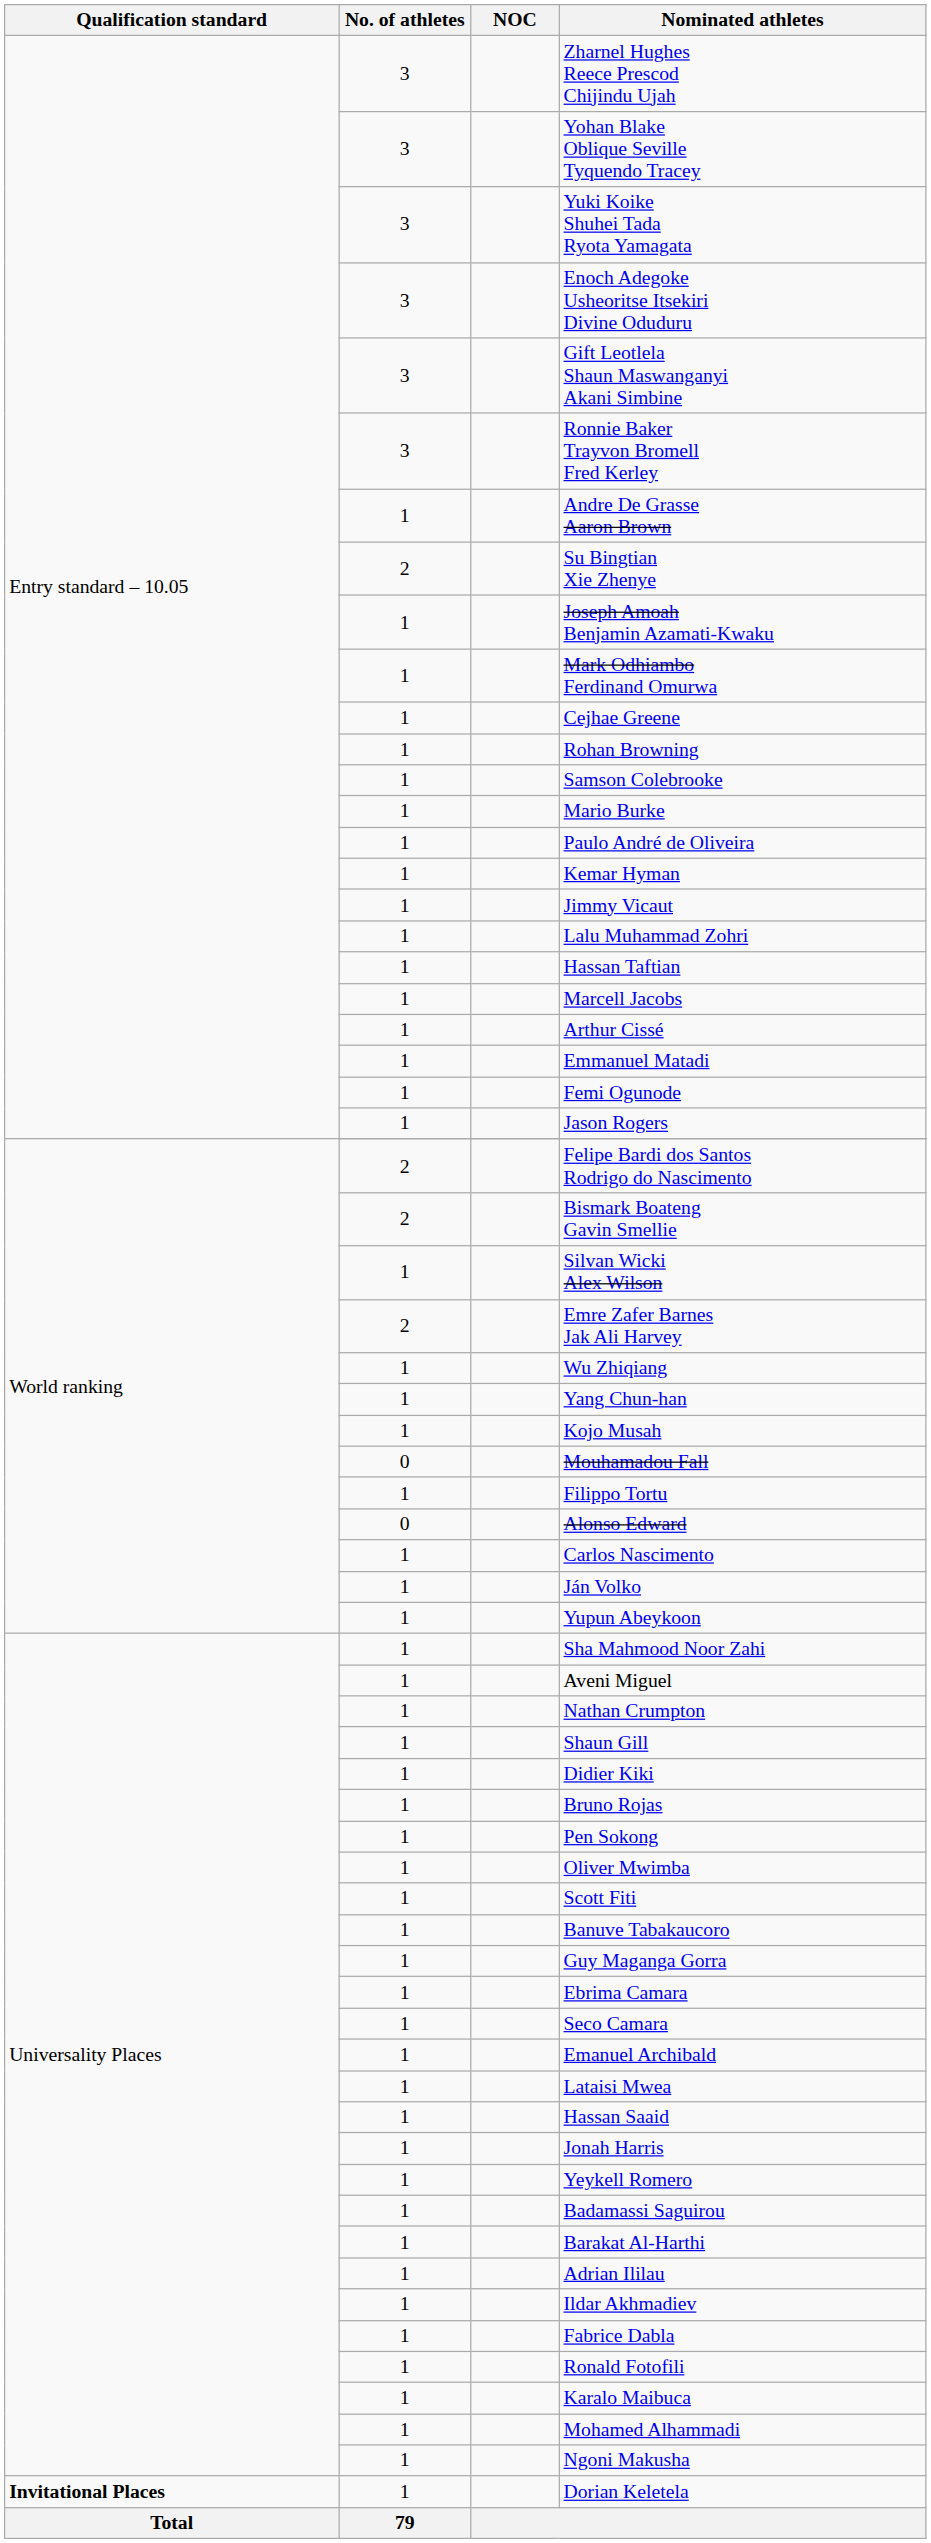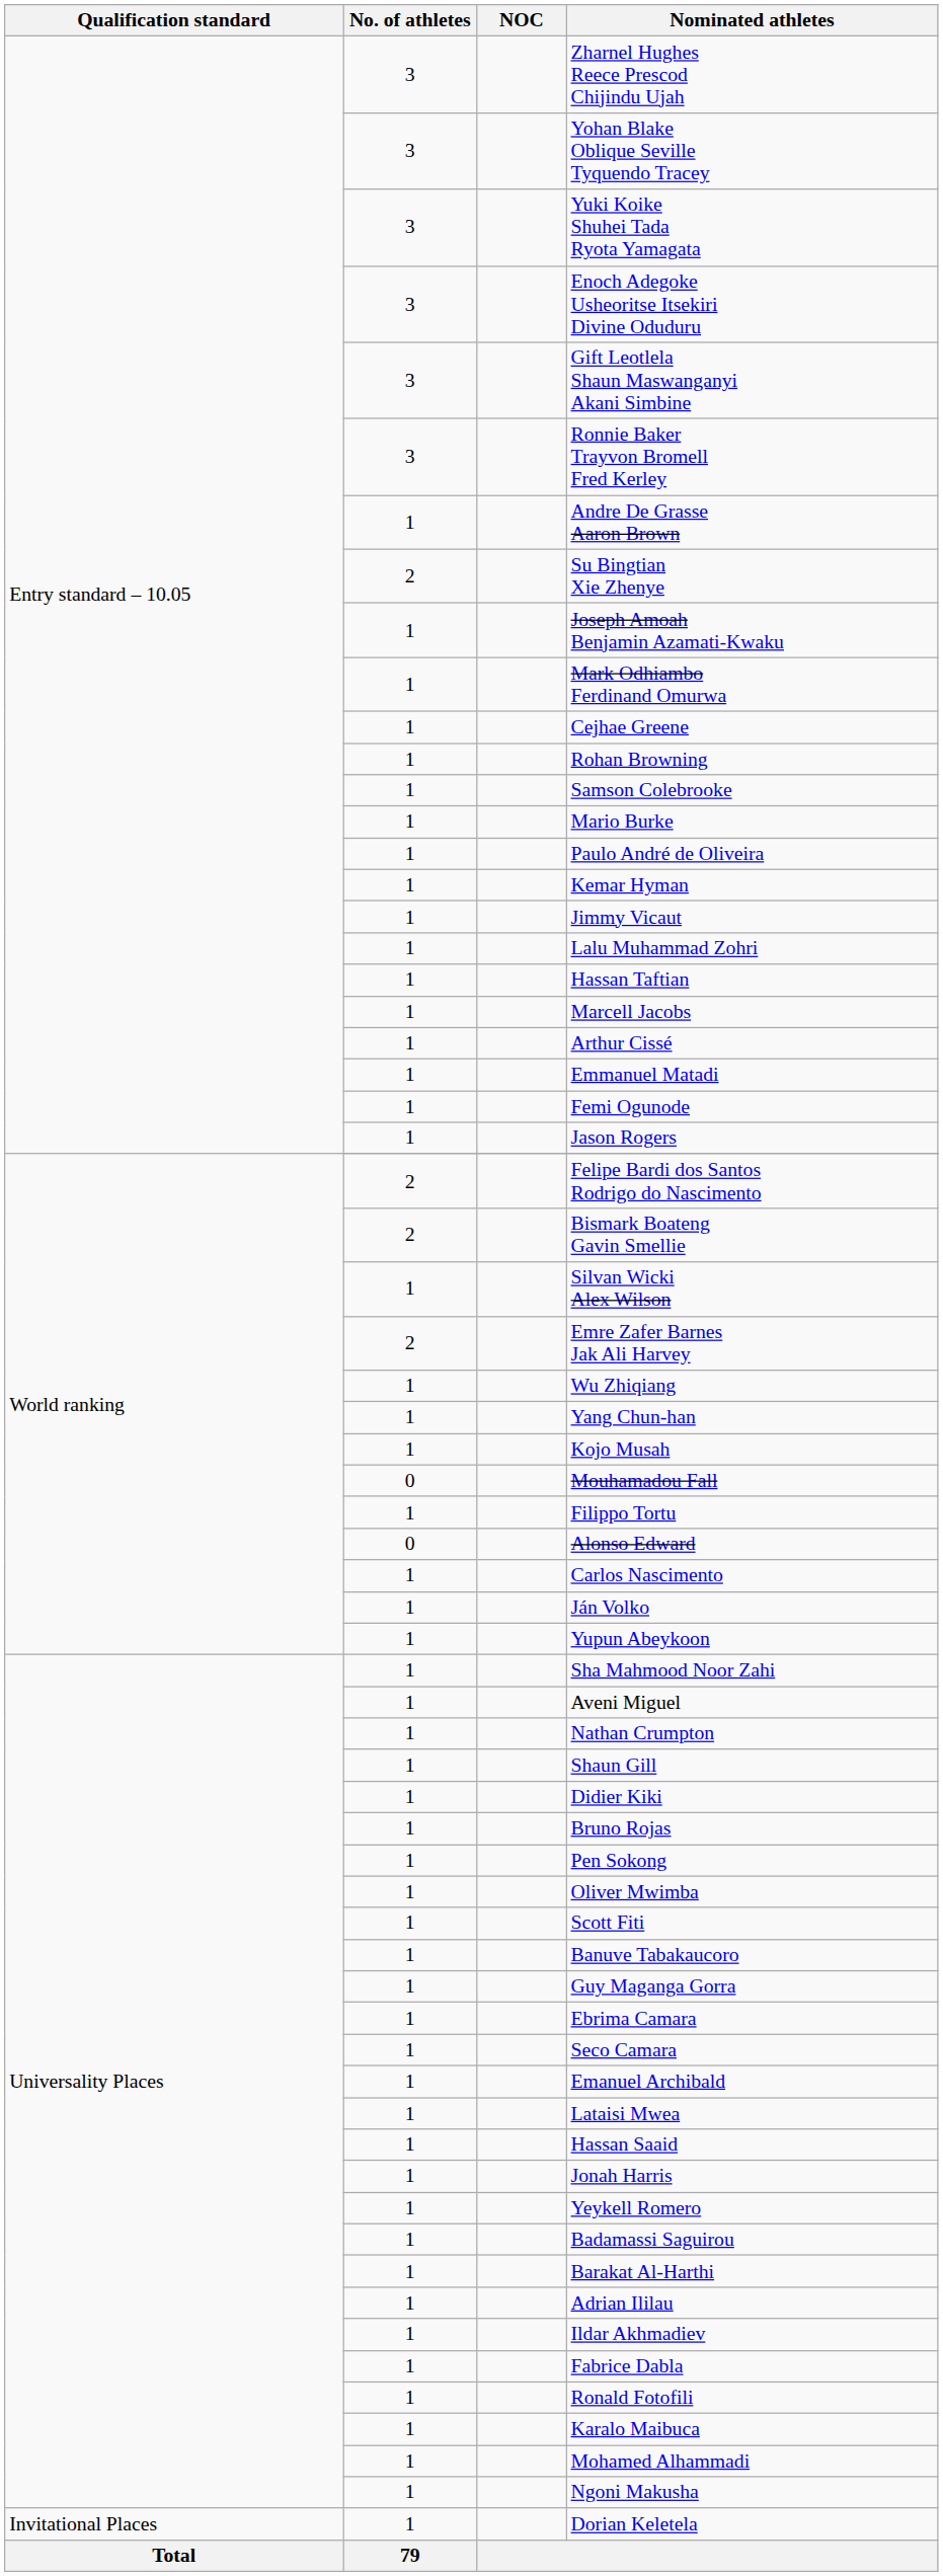 <table class="wikitable" style="text-align:left; width:750px;">
 <tr>
 <th>Qualification standard</th>
 <th width=100>No. of athletes</th>
 <th>NOC</th>
 <th>Nominated athletes</th>
 </tr>
 <tr>
 <td rowspan="24">Entry standard – 10.05</td>
 <td align=center>3</td>
 <td></td>
 <td><a href='#'>Zharnel Hughes</a><br><a href='#'>Reece Prescod</a><br><a href='#'>Chijindu Ujah</a></td>
 </tr>
 <tr>
 <td align=center>3</td>
 <td></td>
 <td><a href='#'>Yohan Blake</a><br><a href='#'>Oblique Seville</a><br><a href='#'>Tyquendo Tracey</a></td>
 </tr>
 <tr>
 <td align=center>3</td>
 <td></td>
 <td><a href='#'>Yuki Koike</a><br><a href='#'>Shuhei Tada</a><br><a href='#'>Ryota Yamagata</a></td>
 </tr>
 <tr>
 <td align=center>3</td>
 <td></td>
 <td><a href='#'>Enoch Adegoke</a><br><a href='#'>Usheoritse Itsekiri</a><br><a href='#'>Divine Oduduru</a></td>
 </tr>
 <tr>
 <td align=center>3</td>
 <td></td>
 <td><a href='#'>Gift Leotlela</a><br><a href='#'>Shaun Maswanganyi</a><br><a href='#'>Akani Simbine</a></td>
 </tr>
 <tr>
 <td align=center>3</td>
 <td></td>
 <td><a href='#'>Ronnie Baker</a><br><a href='#'>Trayvon Bromell</a><br><a href='#'>Fred Kerley</a></td>
 </tr>
 <tr>
 <td align=center>1</td>
 <td></td>
 <td><a href='#'>Andre De Grasse</a><br><s><a href='#'>Aaron Brown</a></s></td>
 </tr>
 <tr>
 <td align=center>2</td>
 <td></td>
 <td><a href='#'>Su Bingtian</a><br><a href='#'>Xie Zhenye</a></td>
 </tr>
 <tr>
 <td align=center>1</td>
 <td></td>
 <td><s><a href='#'>Joseph Amoah</a></s><br><a href='#'>Benjamin Azamati-Kwaku</a></td>
 </tr>
 <tr>
 <td align=center>1</td>
 <td></td>
 <td><s><a href='#'>Mark Odhiambo</a><br></s><a href='#'>Ferdinand Omurwa</a></td>
 </tr>
 <tr>
 <td align=center>1</td>
 <td></td>
 <td><a href='#'>Cejhae Greene</a></td>
 </tr>
 <tr>
 <td align=center>1</td>
 <td></td>
 <td><a href='#'>Rohan Browning</a></td>
 </tr>
 <tr>
 <td align=center>1</td>
 <td></td>
 <td><a href='#'>Samson Colebrooke</a></td>
 </tr>
 <tr>
 <td align=center>1</td>
 <td></td>
 <td><a href='#'>Mario Burke</a></td>
 </tr>
 <tr>
 <td align=center>1</td>
 <td></td>
 <td><a href='#'>Paulo André de Oliveira</a></td>
 </tr>
 <tr>
 <td align=center>1</td>
 <td></td>
 <td><a href='#'>Kemar Hyman</a></td>
 </tr>
 <tr>
 <td align=center>1</td>
 <td></td>
 <td><a href='#'>Jimmy Vicaut</a></td>
 </tr>
 <tr>
 <td align=center>1</td>
 <td></td>
 <td><a href='#'>Lalu Muhammad Zohri</a></td>
 </tr>
 <tr>
 <td align=center>1</td>
 <td></td>
 <td><a href='#'>Hassan Taftian</a></td>
 </tr>
 <tr>
 <td align=center>1</td>
 <td></td>
 <td><a href='#'>Marcell Jacobs</a></td>
 </tr>
 <tr>
 <td align=center>1</td>
 <td></td>
 <td><a href='#'>Arthur Cissé</a></td>
 </tr>
 <tr>
 <td align=center>1</td>
 <td></td>
 <td><a href='#'>Emmanuel Matadi</a></td>
 </tr>
 <tr>
 <td align=center>1</td>
 <td></td>
 <td><a href='#'>Femi Ogunode</a></td>
 </tr>
 <tr>
 <td align=center>1</td>
 <td></td>
 <td><a href='#'>Jason Rogers</a></td>
 </tr>
 <tr>
 <td rowspan=14>World ranking</td>
 </tr>
 <tr>
 <td align=center>2</td>
 <td></td>
 <td><a href='#'>Felipe Bardi dos Santos</a><br><a href='#'>Rodrigo do Nascimento</a></td>
 </tr>
 <tr>
 <td align=center>2</td>
 <td></td>
 <td><a href='#'>Bismark Boateng</a><br><a href='#'>Gavin Smellie</a></td>
 </tr>
 <tr>
 <td align=center>1</td>
 <td></td>
 <td><a href='#'>Silvan Wicki</a><br><s><a href='#'>Alex Wilson</a></s></td>
 </tr>
 <tr>
 <td align=center>2</td>
 <td></td>
 <td><a href='#'>Emre Zafer Barnes</a><br><a href='#'>Jak Ali Harvey</a></td>
 </tr>
 <tr>
 <td align=center>1</td>
 <td></td>
 <td><a href='#'>Wu Zhiqiang</a></td>
 </tr>
 <tr>
 <td align=center>1</td>
 <td></td>
 <td><a href='#'>Yang Chun-han</a></td>
 </tr>
 <tr>
 <td align=center>1</td>
 <td></td>
 <td><a href='#'>Kojo Musah</a></td>
 </tr>
 <tr>
 <td align=center>0</td>
 <td></td>
 <td><s><a href='#'>Mouhamadou Fall</a></s></td>
 </tr>
 <tr>
 <td align=center>1</td>
 <td></td>
 <td><a href='#'>Filippo Tortu</a></td>
 </tr>
 <tr>
 <td align=center>0</td>
 <td></td>
 <td><s><a href='#'>Alonso Edward</a></s></td>
 </tr>
 <tr>
 <td align=center>1</td>
 <td></td>
 <td><a href='#'>Carlos Nascimento</a></td>
 </tr>
 <tr>
 <td align=center>1</td>
 <td></td>
 <td><a href='#'>Ján Volko</a></td>
 </tr>
 <tr>
 <td align=center>1</td>
 <td></td>
 <td><a href='#'>Yupun Abeykoon</a></td>
 </tr>
 <tr>
 <td rowspan=27>Universality Places</td>
 <td align=center>1</td>
 <td></td>
 <td><a href='#'>Sha Mahmood Noor Zahi</a></td>
 </tr>
 <tr>
 <td align=center>1</td>
 <td></td>
 <td>Aveni Miguel</td>
 </tr>
 <tr>
 <td align=center>1</td>
 <td></td>
 <td><a href='#'>Nathan Crumpton</a></td>
 </tr>
 <tr>
 <td align=center>1</td>
 <td></td>
 <td><a href='#'>Shaun Gill</a></td>
 </tr>
 <tr>
 <td align=center>1</td>
 <td></td>
 <td><a href='#'>Didier Kiki</a></td>
 </tr>
 <tr>
 <td align=center>1</td>
 <td></td>
 <td><a href='#'>Bruno Rojas</a></td>
 </tr>
 <tr>
 <td align=center>1</td>
 <td></td>
 <td><a href='#'>Pen Sokong</a></td>
 </tr>
 <tr>
 <td align=center>1</td>
 <td></td>
 <td><a href='#'>Oliver Mwimba</a></td>
 </tr>
 <tr>
 <td align=center>1</td>
 <td></td>
 <td><a href='#'>Scott Fiti</a></td>
 </tr>
 <tr>
 <td align=center>1</td>
 <td></td>
 <td><a href='#'>Banuve Tabakaucoro</a></td>
 </tr>
 <tr>
 <td align=center>1</td>
 <td></td>
 <td><a href='#'>Guy Maganga Gorra</a></td>
 </tr>
 <tr>
 <td align=center>1</td>
 <td></td>
 <td><a href='#'>Ebrima Camara</a></td>
 </tr>
 <tr>
 <td align=center>1</td>
 <td></td>
 <td><a href='#'>Seco Camara</a></td>
 </tr>
 <tr>
 <td align=center>1</td>
 <td></td>
 <td><a href='#'>Emanuel Archibald</a></td>
 </tr>
 <tr>
 <td align=center>1</td>
 <td></td>
 <td><a href='#'>Lataisi Mwea</a></td>
 </tr>
 <tr>
 <td align=center>1</td>
 <td></td>
 <td><a href='#'>Hassan Saaid</a></td>
 </tr>
 <tr>
 <td align=center>1</td>
 <td></td>
 <td><a href='#'>Jonah Harris</a></td>
 </tr>
 <tr>
 <td align=center>1</td>
 <td></td>
 <td><a href='#'>Yeykell Romero</a></td>
 </tr>
 <tr>
 <td align=center>1</td>
 <td></td>
 <td><a href='#'>Badamassi Saguirou</a></td>
 </tr>
 <tr>
 <td align=center>1</td>
 <td></td>
 <td><a href='#'>Barakat Al-Harthi</a></td>
 </tr>
 <tr>
 <td align=center>1</td>
 <td></td>
 <td><a href='#'>Adrian Ililau</a></td>
 </tr>
 <tr>
 <td align=center>1</td>
 <td></td>
 <td><a href='#'>Ildar Akhmadiev</a></td>
 </tr>
 <tr>
 <td align=center>1</td>
 <td></td>
 <td><a href='#'>Fabrice Dabla</a></td>
 </tr>
 <tr>
 <td align=center>1</td>
 <td></td>
 <td><a href='#'>Ronald Fotofili</a></td>
 </tr>
 <tr>
 <td align=center>1</td>
 <td></td>
 <td><a href='#'>Karalo Maibuca</a></td>
 </tr>
 <tr>
 <td align=center>1</td>
 <td></td>
 <td><a href='#'>Mohamed Alhammadi</a></td>
 </tr>
 <tr>
 <td align=center>1</td>
 <td></td>
 <td><a href='#'>Ngoni Makusha</a></td>
 </tr>
 <tr>
-<td rowspan=1><strong>Invitational Places</strong></td>
+<td rowspan=1>Invitational Places</td>
 <td align=center>1</td>
 <td></td>
 <td><a href='#'>Dorian Keletela</a></td>
 </tr>
 <tr>
 <th>Total</th>
 <th>79</th>
 <th colspan=2></th>
 </tr>
 </table>
